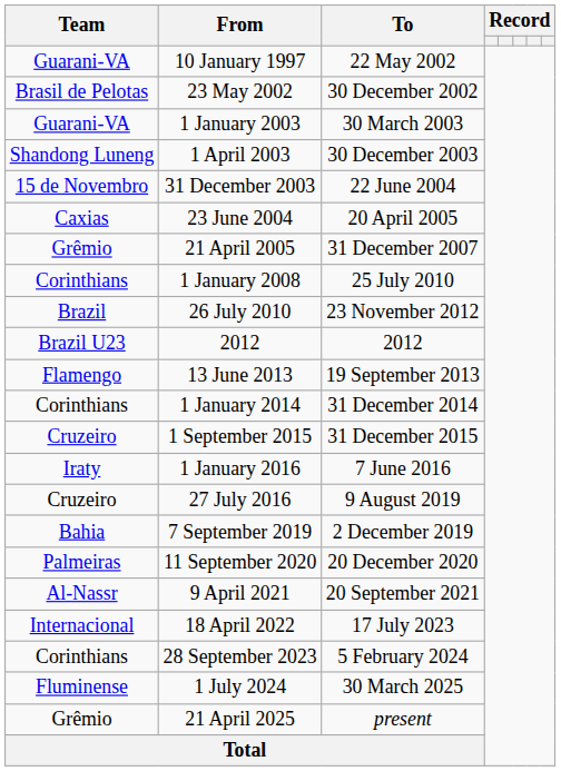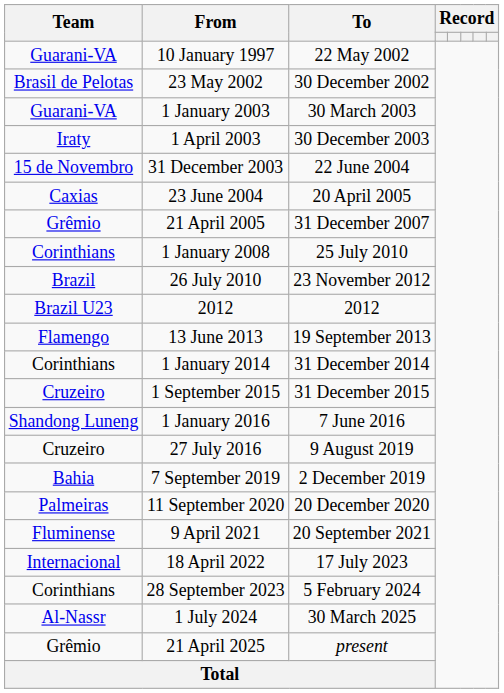 <table class="wikitable" style="text-align:center">
 <tr>
 <th rowspan="2">Team</th>
 <th rowspan="2">From</th>
 <th rowspan="2">To</th>
 <th colspan="5">Record</th>
 </tr>
 <tr>
 <th></th>
 <th></th>
 <th></th>
 <th></th>
 <th></th>
 </tr>
 <tr>
 <td align=center><a href='#'>Guarani-VA</a></td>
 <td align=center>10 January 1997</td>
 <td align=center>22 May 2002<br></td>
 </tr>
 <tr>
 <td align=center><a href='#'>Brasil de Pelotas</a></td>
 <td align=center>23 May 2002</td>
 <td align=center>30 December 2002<br></td>
 </tr>
 <tr>
 <td align=center><a href='#'>Guarani-VA</a></td>
 <td align=center>1 January 2003</td>
 <td align=center>30 March 2003<br></td>
 </tr>
 <tr>
-<td align=center><a href='#'>Shandong Luneng</a></td>
+<td align=center><a href='#'>Iraty</a></td>
 <td align=center>1 April 2003</td>
 <td align=center>30 December 2003<br></td>
 </tr>
 <tr>
 <td align=center><a href='#'>15 de Novembro</a></td>
 <td align=center>31 December 2003</td>
 <td align=center>22 June 2004<br></td>
 </tr>
 <tr>
 <td align=center><a href='#'>Caxias</a></td>
 <td align=center>23 June 2004</td>
 <td align=center>20 April 2005<br></td>
 </tr>
 <tr>
 <td align=center><a href='#'>Grêmio</a></td>
 <td align=center>21 April 2005</td>
 <td align=center>31 December 2007<br></td>
 </tr>
 <tr>
 <td align=center><a href='#'>Corinthians</a></td>
 <td align=center>1 January 2008</td>
 <td align=center>25 July 2010<br></td>
 </tr>
 <tr>
 <td align=center><a href='#'>Brazil</a></td>
 <td align=center>26 July 2010</td>
 <td align=center>23 November 2012<br></td>
 </tr>
 <tr>
 <td align=center><a href='#'>Brazil U23</a></td>
 <td align=center>2012</td>
 <td align=center>2012<br></td>
 </tr>
 <tr>
 <td align=center><a href='#'>Flamengo</a></td>
 <td align=center>13 June 2013</td>
 <td align=center>19 September 2013<br></td>
 </tr>
 <tr>
 <td align=center>Corinthians</td>
 <td align=center>1 January 2014</td>
 <td align=center>31 December 2014<br></td>
 </tr>
 <tr>
 <td align=center><a href='#'>Cruzeiro</a></td>
 <td align=center>1 September 2015</td>
 <td align=center>31 December 2015<br></td>
 </tr>
 <tr>
-<td align=center><a href='#'>Iraty</a></td>
+<td align=center><a href='#'>Shandong Luneng</a></td>
 <td align=center>1 January 2016</td>
 <td align=center>7 June 2016<br></td>
 </tr>
 <tr>
 <td align=center>Cruzeiro</td>
 <td align=center>27 July 2016</td>
 <td align=center>9 August 2019<br></td>
 </tr>
 <tr>
 <td align=center><a href='#'>Bahia</a></td>
 <td align=center>7 September 2019</td>
 <td align=center>2 December 2019<br></td>
 </tr>
 <tr>
 <td align=center><a href='#'>Palmeiras</a></td>
 <td align=center>11 September 2020</td>
 <td align=center>20 December 2020<br></td>
 </tr>
 <tr>
-<td align=center><a href='#'>Al-Nassr</a></td>
+<td align=center><a href='#'>Fluminense</a></td>
 <td align=center>9 April 2021</td>
 <td align=center>20 September 2021<br></td>
 </tr>
 <tr>
 <td align=center><a href='#'>Internacional</a></td>
 <td align=center>18 April 2022</td>
 <td align=center>17 July 2023<br></td>
 </tr>
 <tr>
 <td align=center>Corinthians</td>
 <td align=center>28 September 2023</td>
 <td align=center>5 February 2024<br></td>
 </tr>
 <tr>
-<td align=center><a href='#'>Fluminense</a></td>
+<td align=center><a href='#'>Al-Nassr</a></td>
 <td align=center>1 July 2024</td>
 <td align=center>30 March 2025<br></td>
 </tr>
 <tr>
 <td align=center>Grêmio</td>
 <td align=center>21 April 2025</td>
 <td align=center><em>present</em><br></td>
 </tr>
 <tr>
 <th colspan="3">Total<br></th>
 </tr>
 </table>
